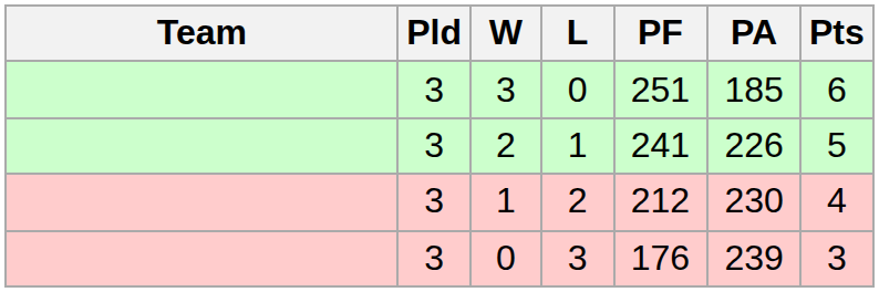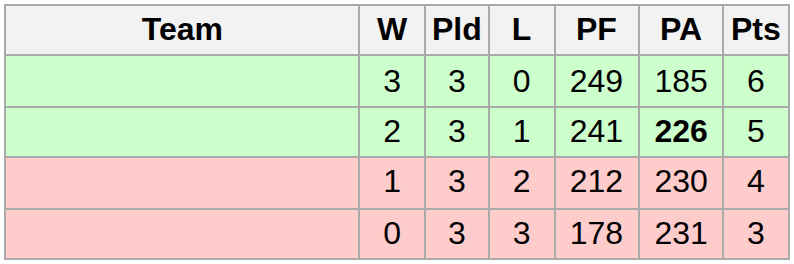 <table class="wikitable" style="text-align:center;">
 <tr>
 <th width=170>Team</th>
+<th width=25>W</th>
 <th width=25>Pld</th>
-<th width=25>W</th>
 <th width=25>L</th>
 <th width=35>PF</th>
 <th width=35>PA</th>
 <th width=25>Pts</th>
 </tr>
 <tr bgcolor=#ccffcc>
 <td align="left"></td>
 <td>3</td>
 <td>3</td>
 <td>0</td>
-<td>251</td>
+<td>249</td>
 <td>185</td>
 <td>6</td>
 </tr>
 <tr bgcolor=#ccffcc>
 <td align="left"></td>
+<td>2</td>
 <td>3</td>
-<td>2</td>
 <td>1</td>
 <td>241</td>
-<td>226</td>
+<td><strong>226</strong></td>
 <td>5</td>
 </tr>
 <tr bgcolor=#ffcccc>
 <td align="left"></td>
+<td>1</td>
 <td>3</td>
-<td>1</td>
 <td>2</td>
 <td>212</td>
 <td>230</td>
 <td>4</td>
 </tr>
 <tr bgcolor=#ffcccc>
 <td align="left"></td>
-<td>3</td>
 <td>0</td>
 <td>3</td>
-<td>176</td>
-<td>239</td>
+<td>3</td>
+<td>178</td>
+<td>231</td>
 <td>3</td>
 </tr>
 </table>
